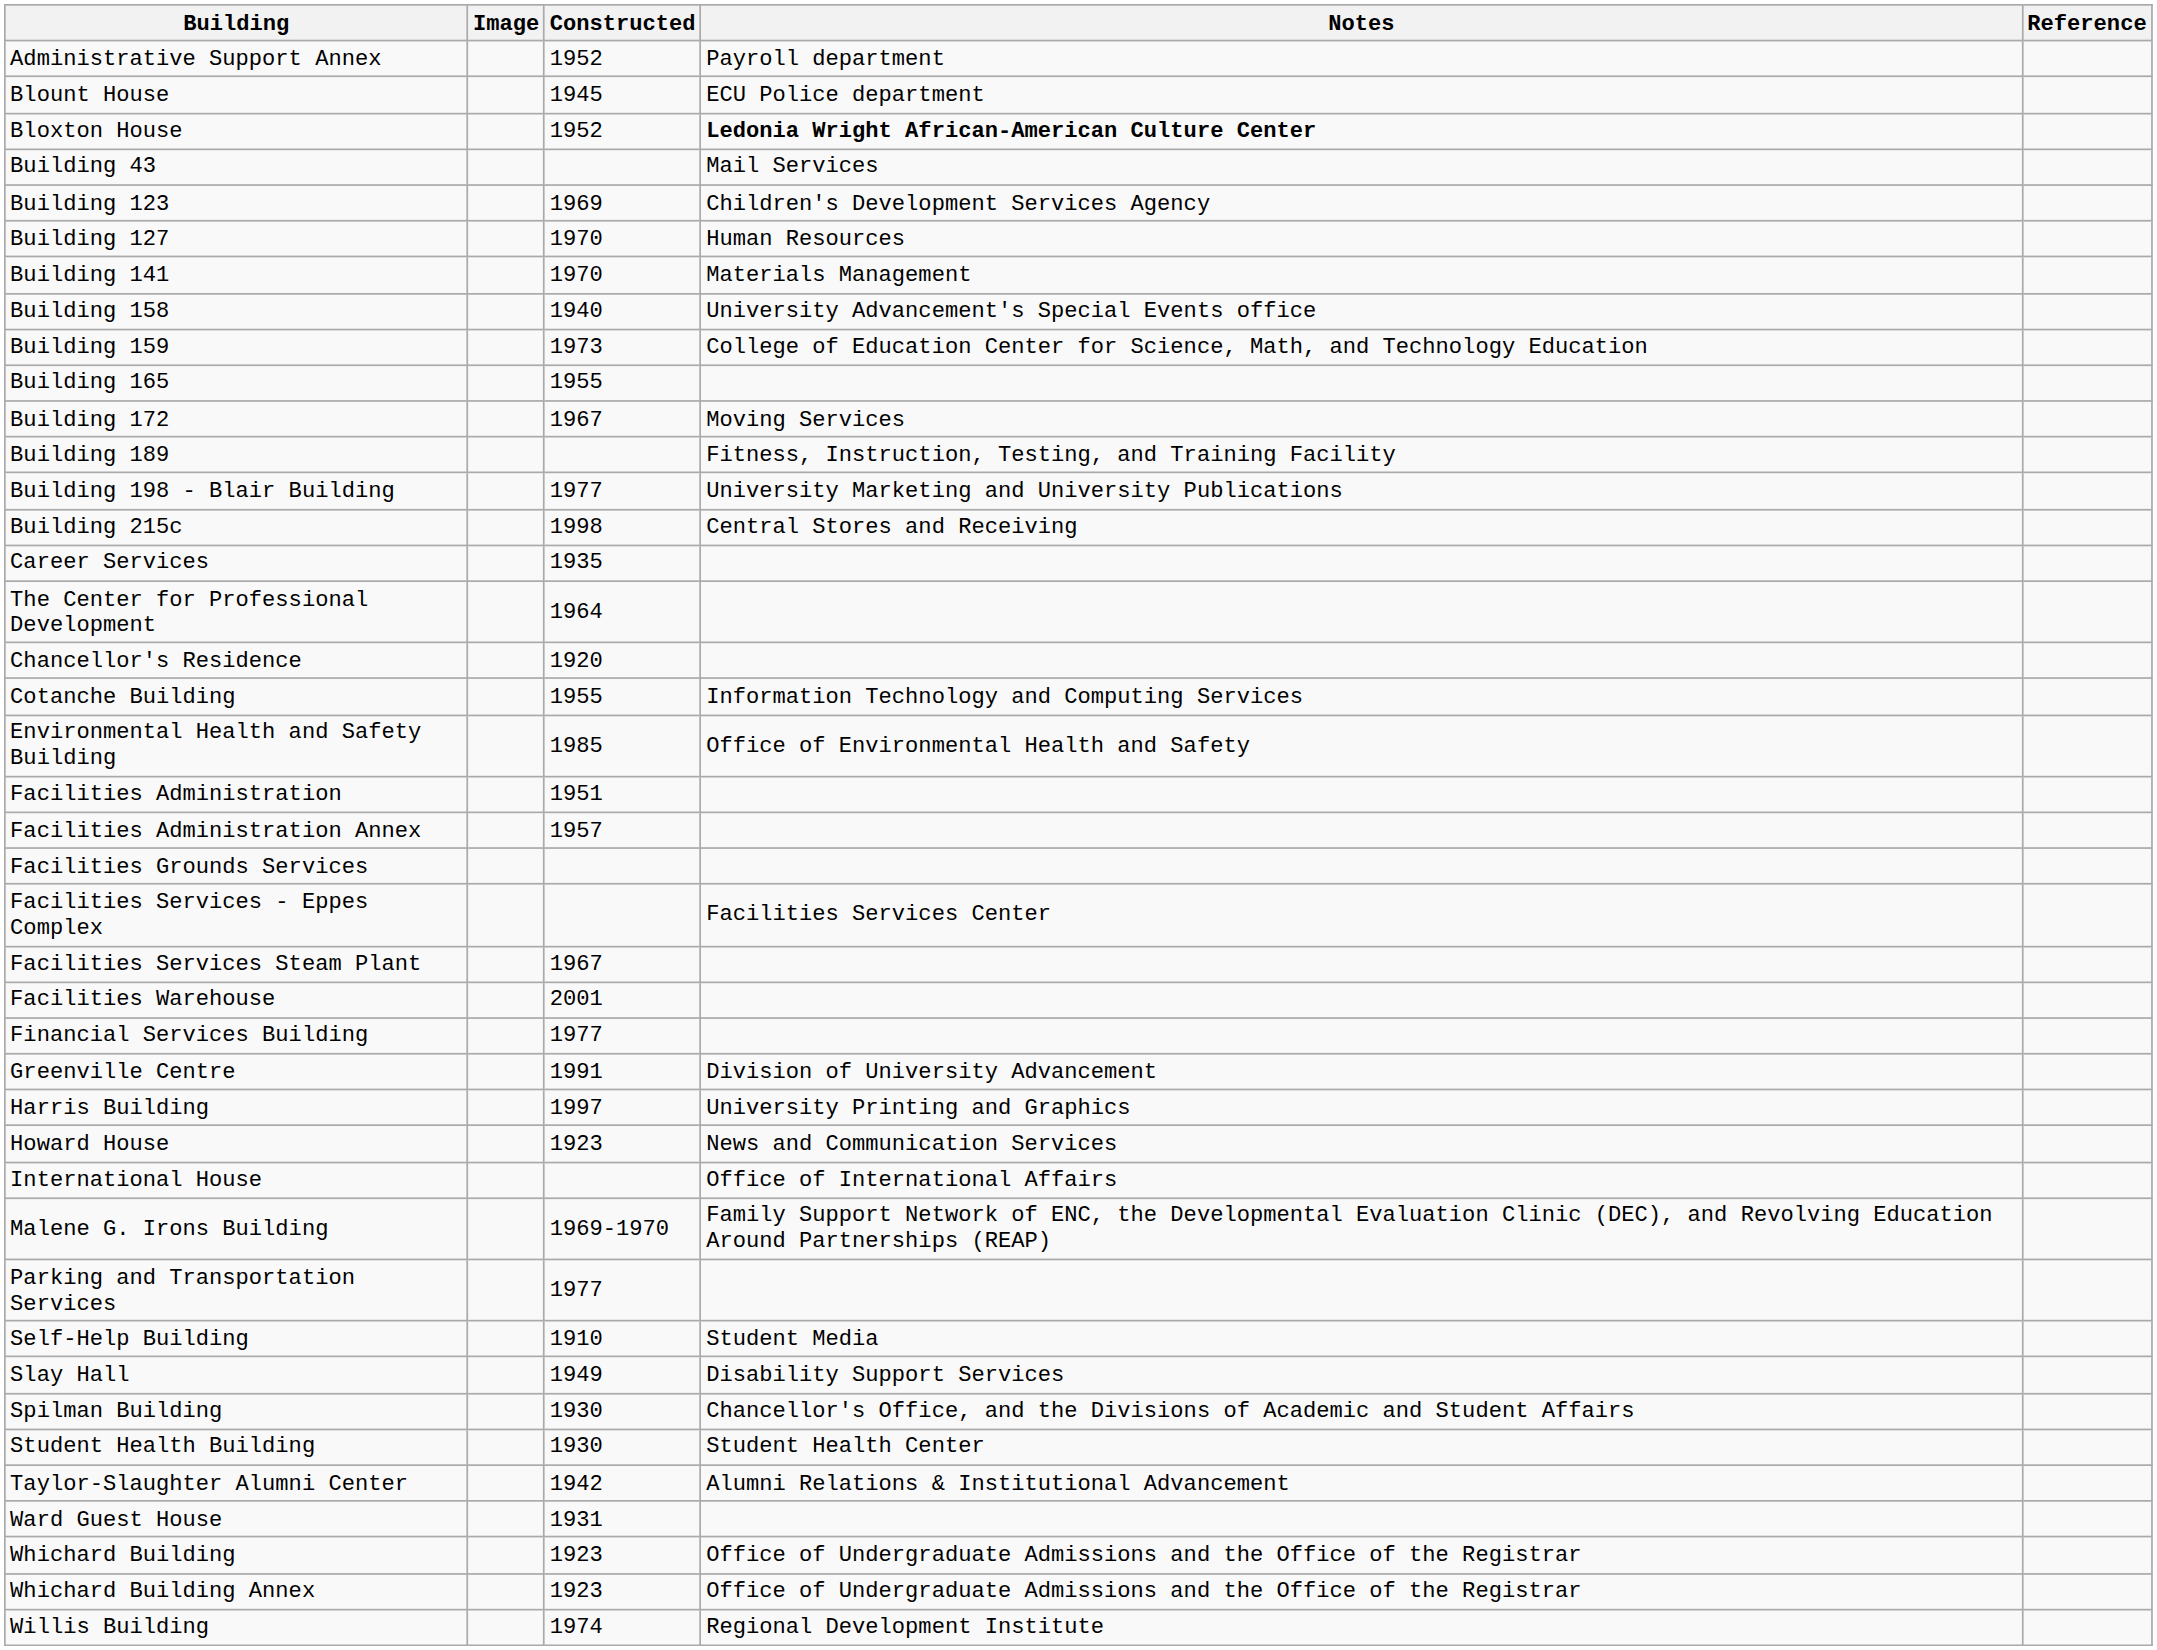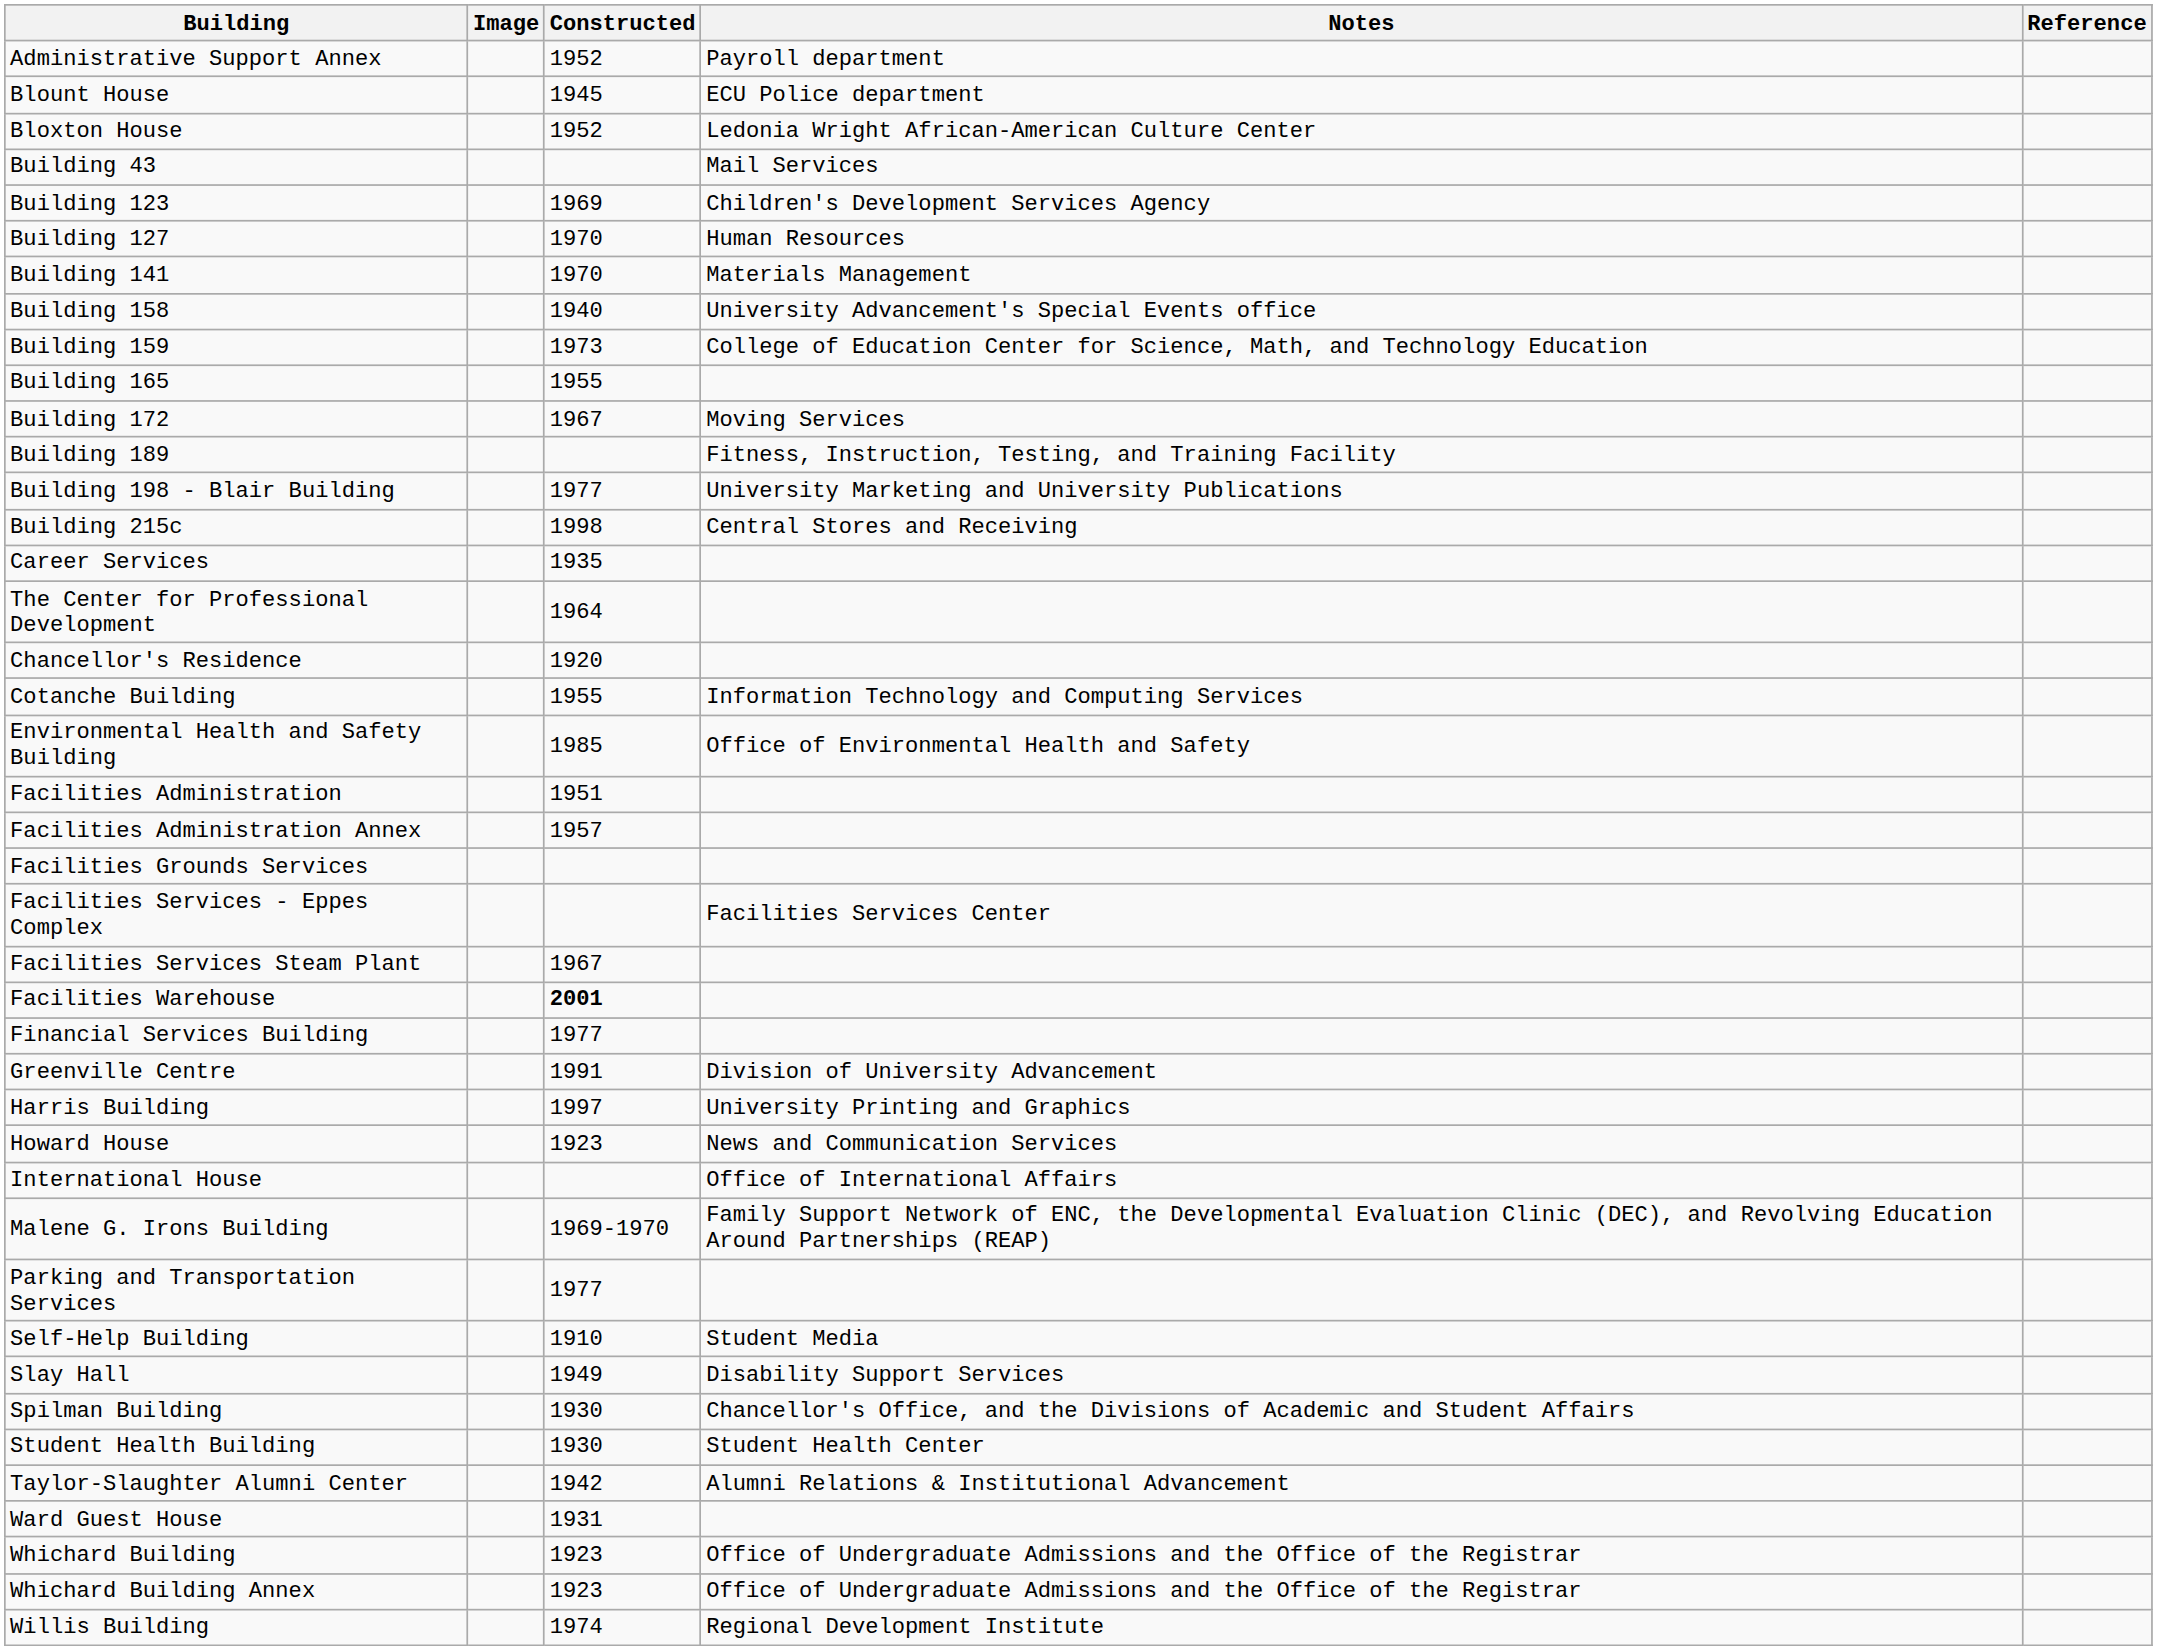 <table class="wikitable sortable" style="width:100%">
 <tr>
 <th style="width:*;">Building</th>
 <th style="width:*;" class="unsortable">Image</th>
 <th style="width:*;">Constructed</th>
 <th style="width:*;" class="unsortable">Notes</th>
 <th style="width:*;" class="unsortable">Reference</th>
 </tr>
 <tr valign="top">
 <td>Administrative Support Annex</td>
 <td></td>
 <td>1952</td>
 <td>Payroll department</td>
 <td></td>
 </tr>
 <tr>
 <td>Blount House</td>
 <td></td>
 <td>1945</td>
 <td>ECU Police department</td>
 <td></td>
 </tr>
 <tr>
 <td>Bloxton House</td>
 <td></td>
 <td>1952</td>
-<td><strong>Ledonia Wright African-American Culture Center</strong></td>
+<td>Ledonia Wright African-American Culture Center</td>
 <td></td>
 </tr>
 <tr>
 <td>Building 43</td>
 <td></td>
 <td></td>
 <td>Mail Services</td>
 <td></td>
 </tr>
 <tr>
 <td>Building 123</td>
 <td></td>
 <td>1969</td>
 <td>Children's Development Services Agency</td>
 <td></td>
 </tr>
 <tr>
 <td>Building 127</td>
 <td></td>
 <td>1970</td>
 <td>Human Resources</td>
 <td></td>
 </tr>
 <tr>
 <td>Building 141</td>
 <td></td>
 <td>1970</td>
 <td>Materials Management</td>
 <td></td>
 </tr>
 <tr>
 <td>Building 158</td>
 <td></td>
 <td>1940</td>
 <td>University Advancement's Special Events office</td>
 <td></td>
 </tr>
 <tr>
 <td>Building 159</td>
 <td></td>
 <td>1973</td>
 <td>College of Education Center for Science, Math, and Technology Education</td>
 <td></td>
 </tr>
 <tr>
 <td>Building 165</td>
 <td></td>
 <td>1955</td>
 <td></td>
 <td></td>
 </tr>
 <tr>
 <td>Building 172</td>
 <td></td>
 <td>1967</td>
 <td>Moving Services</td>
 <td></td>
 </tr>
 <tr>
 <td>Building 189</td>
 <td></td>
 <td></td>
 <td>Fitness, Instruction, Testing, and Training Facility</td>
 <td></td>
 </tr>
 <tr>
 <td>Building 198 - Blair Building</td>
 <td></td>
 <td>1977</td>
 <td>University Marketing and University Publications</td>
 <td></td>
 </tr>
 <tr>
 <td>Building 215c</td>
 <td></td>
 <td>1998</td>
 <td>Central Stores and Receiving</td>
 <td></td>
 </tr>
 <tr>
 <td>Career Services</td>
 <td></td>
 <td>1935</td>
 <td></td>
 <td></td>
 </tr>
 <tr>
 <td>The Center for Professional Development</td>
 <td></td>
 <td>1964</td>
 <td></td>
 <td></td>
 </tr>
 <tr>
 <td>Chancellor's Residence</td>
 <td></td>
 <td>1920</td>
 <td></td>
 <td></td>
 </tr>
 <tr>
 <td>Cotanche Building</td>
 <td></td>
 <td>1955</td>
 <td>Information Technology and Computing Services</td>
 <td></td>
 </tr>
 <tr>
 <td>Environmental Health and Safety Building</td>
 <td></td>
 <td>1985</td>
 <td>Office of Environmental Health and Safety</td>
 <td></td>
 </tr>
 <tr>
 <td>Facilities Administration</td>
 <td></td>
 <td>1951</td>
 <td></td>
 <td></td>
 </tr>
 <tr>
 <td>Facilities Administration Annex</td>
 <td></td>
 <td>1957</td>
 <td></td>
 <td></td>
 </tr>
 <tr>
 <td>Facilities Grounds Services</td>
 <td></td>
 <td></td>
 <td></td>
 <td></td>
 </tr>
 <tr>
 <td>Facilities Services - Eppes Complex</td>
 <td></td>
 <td></td>
 <td>Facilities Services Center</td>
 <td></td>
 </tr>
 <tr>
 <td>Facilities Services Steam Plant</td>
 <td></td>
 <td>1967</td>
 <td></td>
 <td></td>
 </tr>
 <tr>
 <td>Facilities Warehouse</td>
 <td></td>
-<td>2001</td>
+<td><strong>2001</strong></td>
 <td></td>
 <td></td>
 </tr>
 <tr>
 <td>Financial Services Building</td>
 <td></td>
 <td>1977</td>
 <td></td>
 <td></td>
 </tr>
 <tr>
 <td>Greenville Centre</td>
 <td></td>
 <td>1991</td>
 <td>Division of University Advancement</td>
 <td></td>
 </tr>
 <tr>
 <td>Harris Building</td>
 <td></td>
 <td>1997</td>
 <td>University Printing and Graphics</td>
 <td></td>
 </tr>
 <tr>
 <td>Howard House</td>
 <td></td>
 <td>1923</td>
 <td>News and Communication Services</td>
 <td></td>
 </tr>
 <tr>
 <td>International House</td>
 <td></td>
 <td></td>
 <td>Office of International Affairs</td>
 <td></td>
 </tr>
 <tr>
 <td>Malene G. Irons Building</td>
 <td></td>
 <td>1969-1970</td>
 <td>Family Support Network of ENC, the Developmental Evaluation Clinic (DEC), and Revolving Education Around Partnerships (REAP)</td>
 <td></td>
 </tr>
 <tr>
 <td>Parking and Transportation Services</td>
 <td></td>
 <td>1977</td>
 <td></td>
 <td></td>
 </tr>
 <tr>
 <td>Self-Help Building</td>
 <td></td>
 <td>1910</td>
 <td>Student Media</td>
 <td></td>
 </tr>
 <tr>
 <td>Slay Hall</td>
 <td></td>
 <td>1949</td>
 <td>Disability Support Services</td>
 <td></td>
 </tr>
 <tr>
 <td>Spilman Building</td>
 <td></td>
 <td>1930</td>
 <td>Chancellor's Office, and the Divisions of Academic and Student Affairs</td>
 <td></td>
 </tr>
 <tr>
 <td>Student Health Building</td>
 <td></td>
 <td>1930</td>
 <td>Student Health Center</td>
 <td></td>
 </tr>
 <tr>
 <td>Taylor-Slaughter Alumni Center</td>
 <td></td>
 <td>1942</td>
 <td>Alumni Relations & Institutional Advancement</td>
 <td></td>
 </tr>
 <tr>
 <td>Ward Guest House</td>
 <td></td>
 <td>1931</td>
 <td></td>
 <td></td>
 </tr>
 <tr>
 <td>Whichard Building</td>
 <td></td>
 <td>1923</td>
 <td>Office of Undergraduate Admissions and the Office of the Registrar</td>
 <td></td>
 </tr>
 <tr>
 <td>Whichard Building Annex</td>
 <td></td>
 <td>1923</td>
 <td>Office of Undergraduate Admissions and the Office of the Registrar</td>
 <td></td>
 </tr>
 <tr>
 <td>Willis Building</td>
 <td></td>
 <td>1974</td>
 <td>Regional Development Institute</td>
 <td></td>
 </tr>
 </table>
